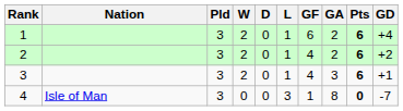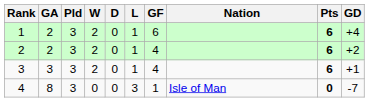 <table class="wikitable" style="text-align: center;">
 <tr>
 <th width=5>Rank</th>
-<th width=200>Nation</th>
+<th width=20>GA</th>
 <th width=20>Pld</th>
 <th width=20>W</th>
 <th width=20>D</th>
 <th width=20>L</th>
 <th width=20>GF</th>
-<th width=20>GA</th>
+<th width=200>Nation</th>
 <th width=20>Pts</th>
 <th width=20>GD</th>
 </tr>
 <tr style="background:#ccffcc">
 <td>1</td>
-<td style="text-align:left"></td>
+<td>2</td>
 <td>3</td>
 <td>2</td>
 <td>0</td>
 <td>1</td>
 <td>6</td>
-<td>2</td>
+<td style="text-align:left"></td>
 <td><strong>6</strong></td>
 <td>+4</td>
 </tr>
 <tr style="background:#ccffcc">
 <td>2</td>
-<td style="text-align:left"></td>
+<td>2</td>
 <td>3</td>
 <td>2</td>
 <td>0</td>
 <td>1</td>
 <td>4</td>
-<td>2</td>
+<td style="text-align:left"></td>
 <td><strong>6</strong></td>
 <td>+2</td>
 </tr>
 <tr>
 <td>3</td>
-<td style="text-align:left"></td>
+<td>3</td>
 <td>3</td>
 <td>2</td>
 <td>0</td>
 <td>1</td>
 <td>4</td>
-<td>3</td>
+<td style="text-align:left"></td>
 <td><strong>6</strong></td>
 <td>+1</td>
 </tr>
 <tr>
 <td>4</td>
-<td style="text-align:left"> <a href='#'>Isle of Man</a></td>
+<td>8</td>
 <td>3</td>
 <td>0</td>
 <td>0</td>
 <td>3</td>
 <td>1</td>
-<td>8</td>
+<td style="text-align:left"> <a href='#'>Isle of Man</a></td>
 <td><strong>0</strong></td>
 <td>-7</td>
 </tr>
 </table>
